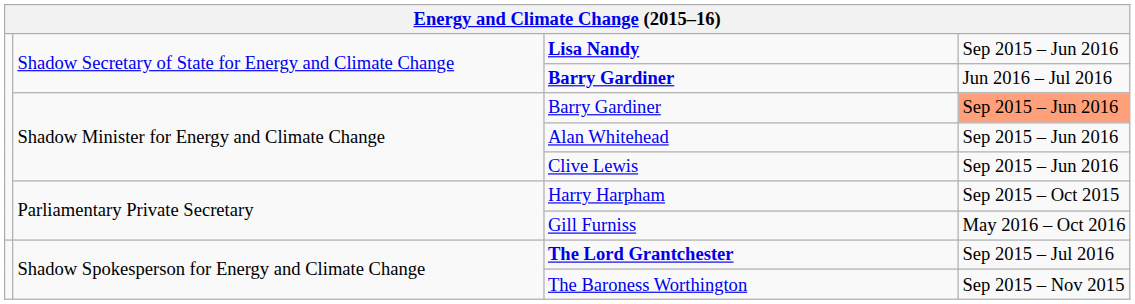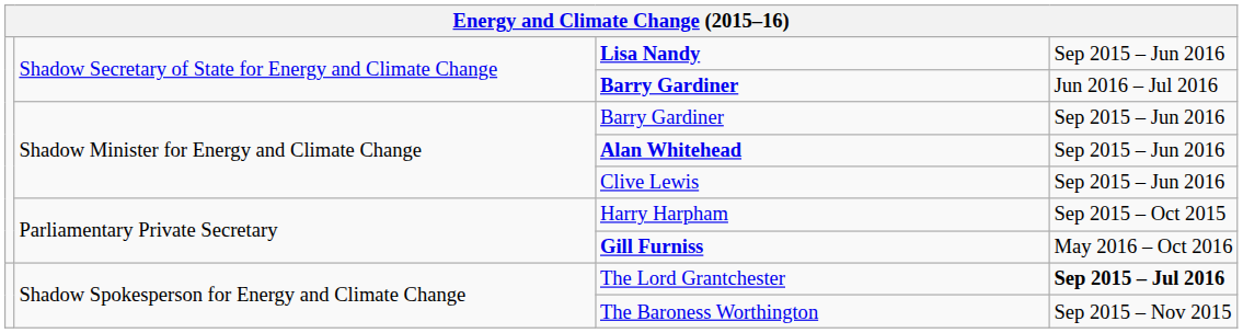 <table class="wikitable">
 <tr>
 <th colspan="4"><a href='#'>Energy and Climate Change</a> (2015–16)</th>
 </tr>
 <tr>
 <td rowspan="7" style="background: "></td>
 <td rowspan="2" style="width: 450px;"><a href='#'>Shadow Secretary of State for Energy and Climate Change</a></td>
 <td style="width: 350px;"><strong><a href='#'>Lisa Nandy</a></strong></td>
 <td>Sep 2015 – Jun 2016</td>
 </tr>
 <tr>
 <td><strong><a href='#'>Barry Gardiner</a></strong></td>
 <td>Jun 2016 – Jul 2016</td>
 </tr>
 <tr>
 <td rowspan="3">Shadow Minister for Energy and Climate Change</td>
 <td><a href='#'>Barry Gardiner</a></td>
-<td style="background: lightsalmon;">Sep 2015 – Jun 2016</td>
+<td>Sep 2015 – Jun 2016</td>
 </tr>
 <tr>
-<td><a href='#'>Alan Whitehead</a></td>
+<td><strong><a href='#'>Alan Whitehead</a></strong></td>
 <td>Sep 2015 – Jun 2016</td>
 </tr>
 <tr>
 <td><a href='#'>Clive Lewis</a></td>
 <td>Sep 2015 – Jun 2016</td>
 </tr>
 <tr>
 <td rowspan="2">Parliamentary Private Secretary</td>
 <td><a href='#'>Harry Harpham</a></td>
 <td>Sep 2015 – Oct 2015</td>
 </tr>
 <tr>
-<td><a href='#'>Gill Furniss</a></td>
+<td><strong><a href='#'>Gill Furniss</a></strong></td>
 <td>May 2016 – Oct 2016</td>
 </tr>
 <tr>
 <td rowspan="2" style="background: "></td>
 <td rowspan="2">Shadow Spokesperson for Energy and Climate Change</td>
-<td><strong><a href='#'>The Lord Grantchester</a></strong></td>
-<td>Sep 2015 – Jul 2016</td>
+<td><a href='#'>The Lord Grantchester</a></td>
+<td><strong>Sep 2015 – Jul 2016</strong></td>
 </tr>
 <tr>
 <td><a href='#'>The Baroness Worthington</a></td>
 <td>Sep 2015 – Nov 2015</td>
 </tr>
 </table>
